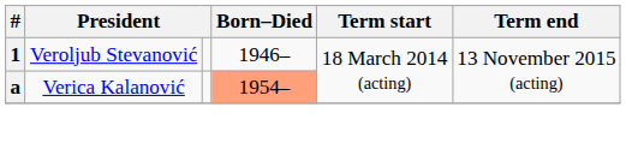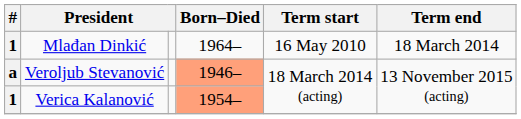 <table class="wikitable" style="text-align:center">
 <tr ->
 <th>#</th>
 <th colspan="2">President</th>
 <th>Born–Died</th>
 <th>Term start</th>
 <th>Term end</th>
 </tr>
 <tr ->
 <th style="background:">1</th>
+<td><a href='#'>Mlađan Dinkić</a></td>
+<td></td>
+<td>1964–</td>
+<td>16 May 2010</td>
+<td>18 March 2014</td>
+</tr>
+<tr ->
+<th style="background:">a</th>
 <td><a href='#'>Veroljub Stevanović</a></td>
 <td></td>
-<td>1946–</td>
+<td style="background: lightsalmon;">1946–</td>
 <td rowspan="2">18 March 2014<br><small>(acting)</small></td>
 <td rowspan="2">13 November 2015<br><small>(acting)</small></td>
 </tr>
 <tr ->
-<th style="background:">a</th>
+<th style="background:">1</th>
 <td><a href='#'>Verica Kalanović</a></td>
 <td></td>
 <td style="background: lightsalmon;">1954–</td>
 </tr>
 <tr ->
 </tr>
 </table>
